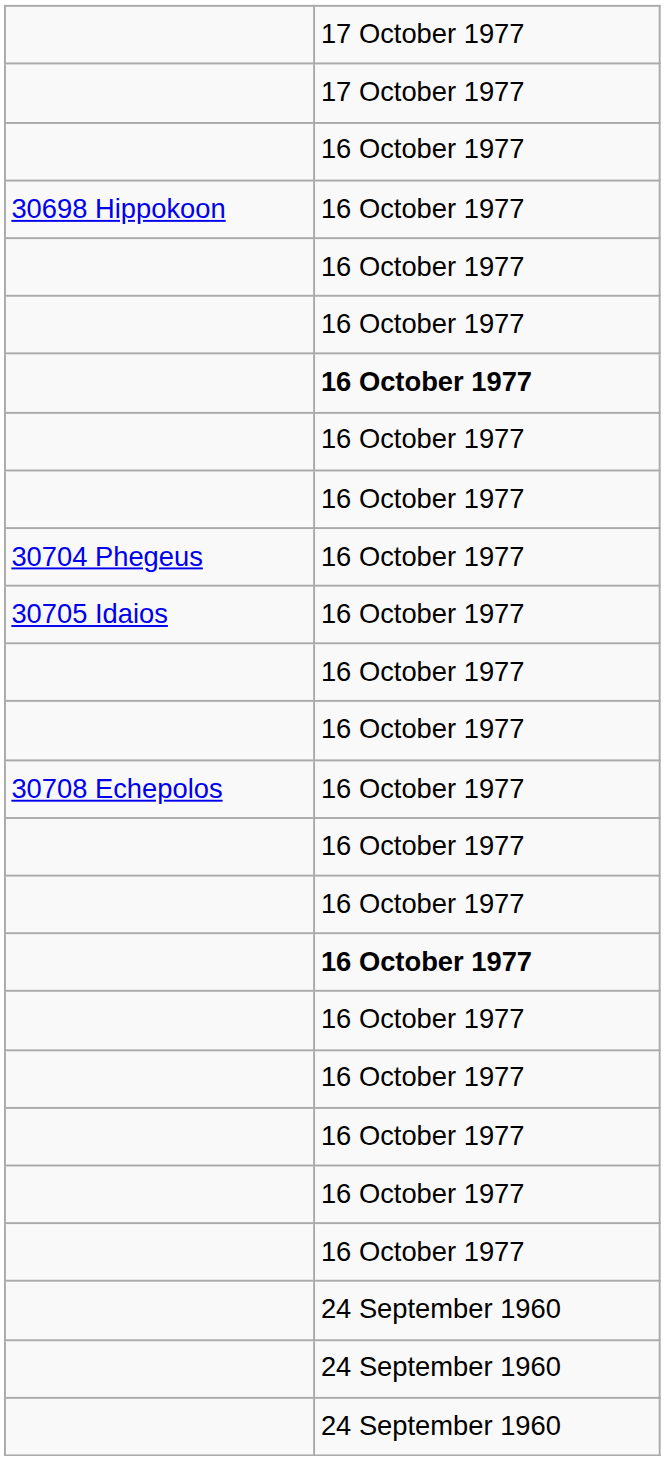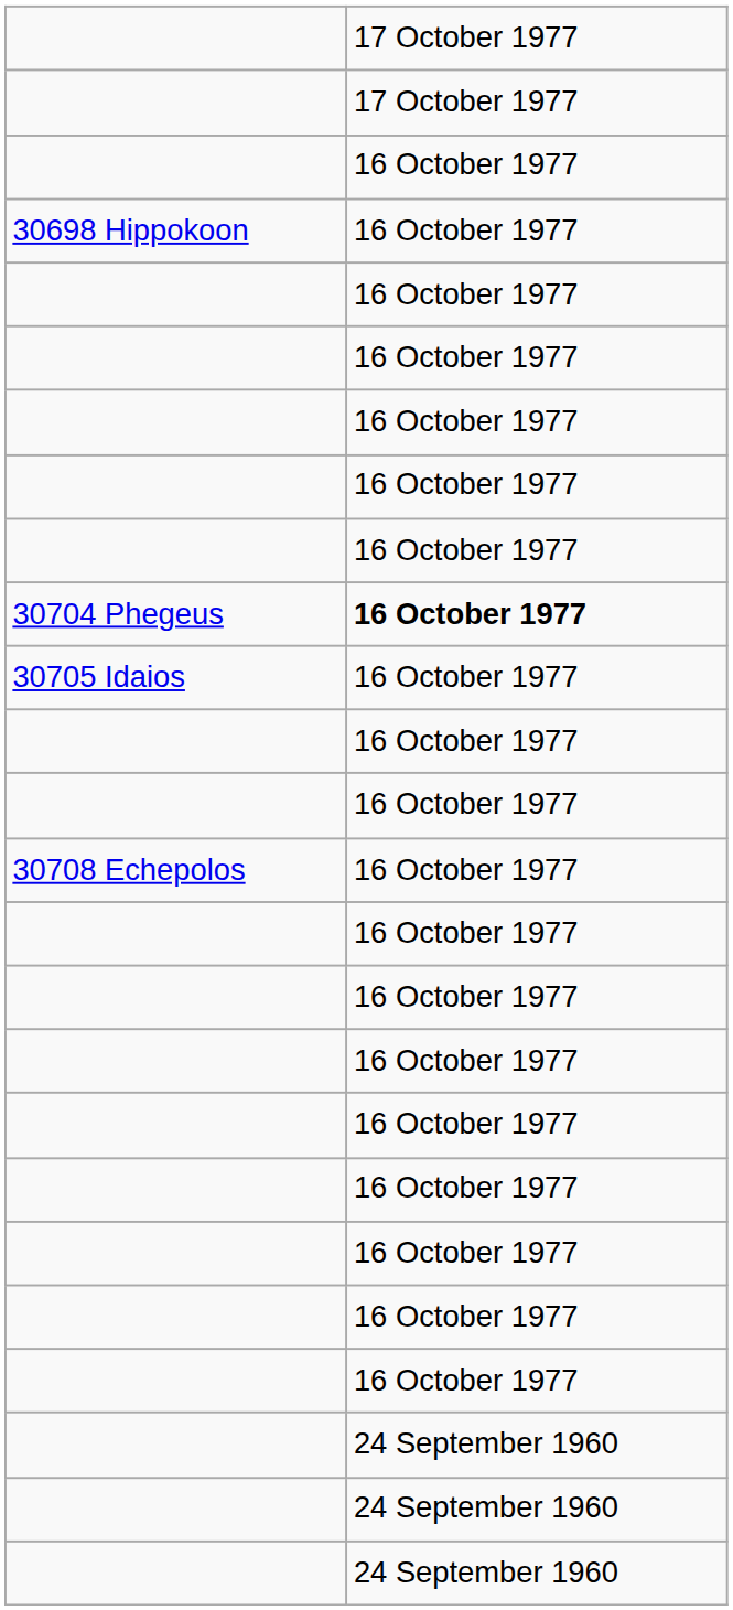 <table class="wikitable" style="font-size: 89%; float: left; width: 24em; margin-right: 1em; line-height: 1.65em">
 <tr>
 <td></td>
 <td>17 October 1977</td>
 </tr>
 <tr>
 <td></td>
 <td>17 October 1977</td>
 </tr>
 <tr>
 <td></td>
 <td>16 October 1977</td>
 </tr>
 <tr>
 <td><a href='#'>30698 Hippokoon</a></td>
 <td>16 October 1977</td>
 </tr>
 <tr>
 <td></td>
 <td>16 October 1977</td>
 </tr>
 <tr>
 <td></td>
 <td>16 October 1977</td>
 </tr>
 <tr>
 <td></td>
-<td><strong>16 October 1977</strong></td>
+<td>16 October 1977</td>
 </tr>
 <tr>
 <td></td>
 <td>16 October 1977</td>
 </tr>
 <tr>
 <td></td>
 <td>16 October 1977</td>
 </tr>
 <tr>
 <td><a href='#'>30704 Phegeus</a></td>
-<td>16 October 1977</td>
+<td><strong>16 October 1977</strong></td>
 </tr>
 <tr>
 <td><a href='#'>30705 Idaios</a></td>
 <td>16 October 1977</td>
 </tr>
 <tr>
 <td></td>
 <td>16 October 1977</td>
 </tr>
 <tr>
 <td></td>
 <td>16 October 1977</td>
 </tr>
 <tr>
 <td><a href='#'>30708 Echepolos</a></td>
 <td>16 October 1977</td>
 </tr>
 <tr>
 <td></td>
 <td>16 October 1977</td>
 </tr>
 <tr>
 <td></td>
 <td>16 October 1977</td>
 </tr>
 <tr>
 <td></td>
-<td><strong>16 October 1977</strong></td>
+<td>16 October 1977</td>
 </tr>
 <tr>
 <td></td>
 <td>16 October 1977</td>
 </tr>
 <tr>
 <td></td>
 <td>16 October 1977</td>
 </tr>
 <tr>
 <td></td>
 <td>16 October 1977</td>
 </tr>
 <tr>
 <td></td>
 <td>16 October 1977</td>
 </tr>
 <tr>
 <td></td>
 <td>16 October 1977</td>
 </tr>
 <tr>
 <td></td>
 <td>24 September 1960</td>
 </tr>
 <tr>
 <td></td>
 <td>24 September 1960</td>
 </tr>
 <tr>
 <td></td>
 <td>24 September 1960</td>
 </tr>
 </table>
